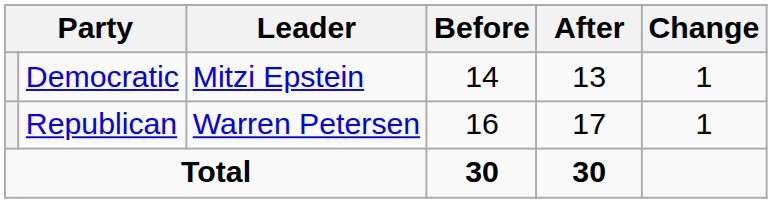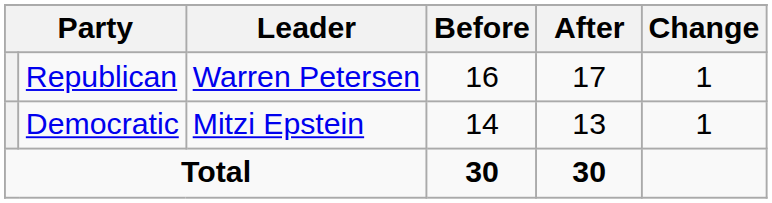 <table class="wikitable" style="text-align:center;">
 <tr>
 </tr>
 <tr>
 <th colspan="2">Party</th>
 <th>Leader</th>
 <th style="width:3em">Before</th>
 <th style="width:3em">After</th>
 <th style="width:3em">Change</th>
 </tr>
 <tr>
 <th style="background-color:"></th>
+<td style="text-align:left;"><a href='#'>Republican</a></td>
+<td style="text-align:left;"><a href='#'>Warren Petersen</a></td>
+<td>16</td>
+<td>17</td>
+<td> 1</td>
+</tr>
+<tr>
+<th style="background-color:"></th>
 <td style="text-align:left;"><a href='#'>Democratic</a></td>
 <td style="text-align:left;"><a href='#'>Mitzi Epstein</a></td>
 <td>14</td>
 <td>13</td>
-<td> 1</td>
-</tr>
-<tr>
-<th style="background-color:"></th>
-<td style="text-align:left;"><a href='#'>Republican</a></td>
-<td style="text-align:left;"><a href='#'>Warren Petersen</a></td>
-<td>16</td>
-<td>17</td>
 <td> 1</td>
 </tr>
 <tr>
 <td colspan="3"><strong>Total</strong></td>
 <td><strong>30</strong></td>
 <td><strong>30</strong></td>
 <td></td>
 </tr>
 </table>
